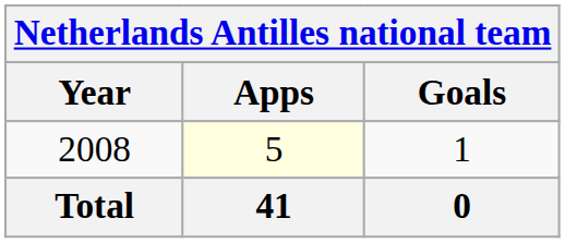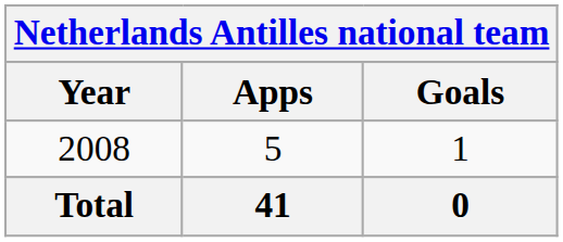 <table class="wikitable" style="text-align:center">
 <tr>
 <th colspan=3><a href='#'>Netherlands Antilles national team</a></th>
 </tr>
 <tr>
 <th>Year</th>
 <th>Apps</th>
 <th>Goals</th>
 </tr>
 <tr>
 <td>2008</td>
-<td style="background: lightyellow;">5</td>
+<td>5</td>
 <td>1</td>
 </tr>
 <tr>
 <th>Total</th>
 <th>41</th>
 <th>0</th>
 </tr>
 </table>
